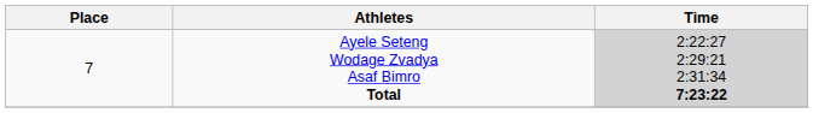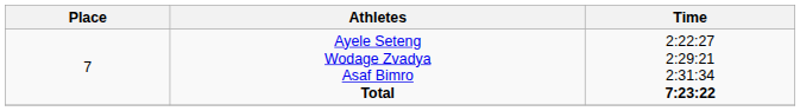 <table class="wikitable" style=" text-align:center; font-size:110%;" width="60%">
 <tr>
 <th>Place</th>
 <th>Athletes</th>
 <th>Time</th>
 </tr>
 <tr>
 <td align=center>7</td>
 <td><a href='#'>Ayele Seteng</a><br><a href='#'>Wodage Zvadya</a><br><a href='#'>Asaf Bimro</a><br><strong>Total</strong></td>
-<td style="background: lightgrey;">2:22:27<br>2:29:21<br>2:31:34<br><strong>7:23:22</strong></td>
+<td>2:22:27<br>2:29:21<br>2:31:34<br><strong>7:23:22</strong></td>
 </tr>
 <tr>
 </tr>
 </table>
